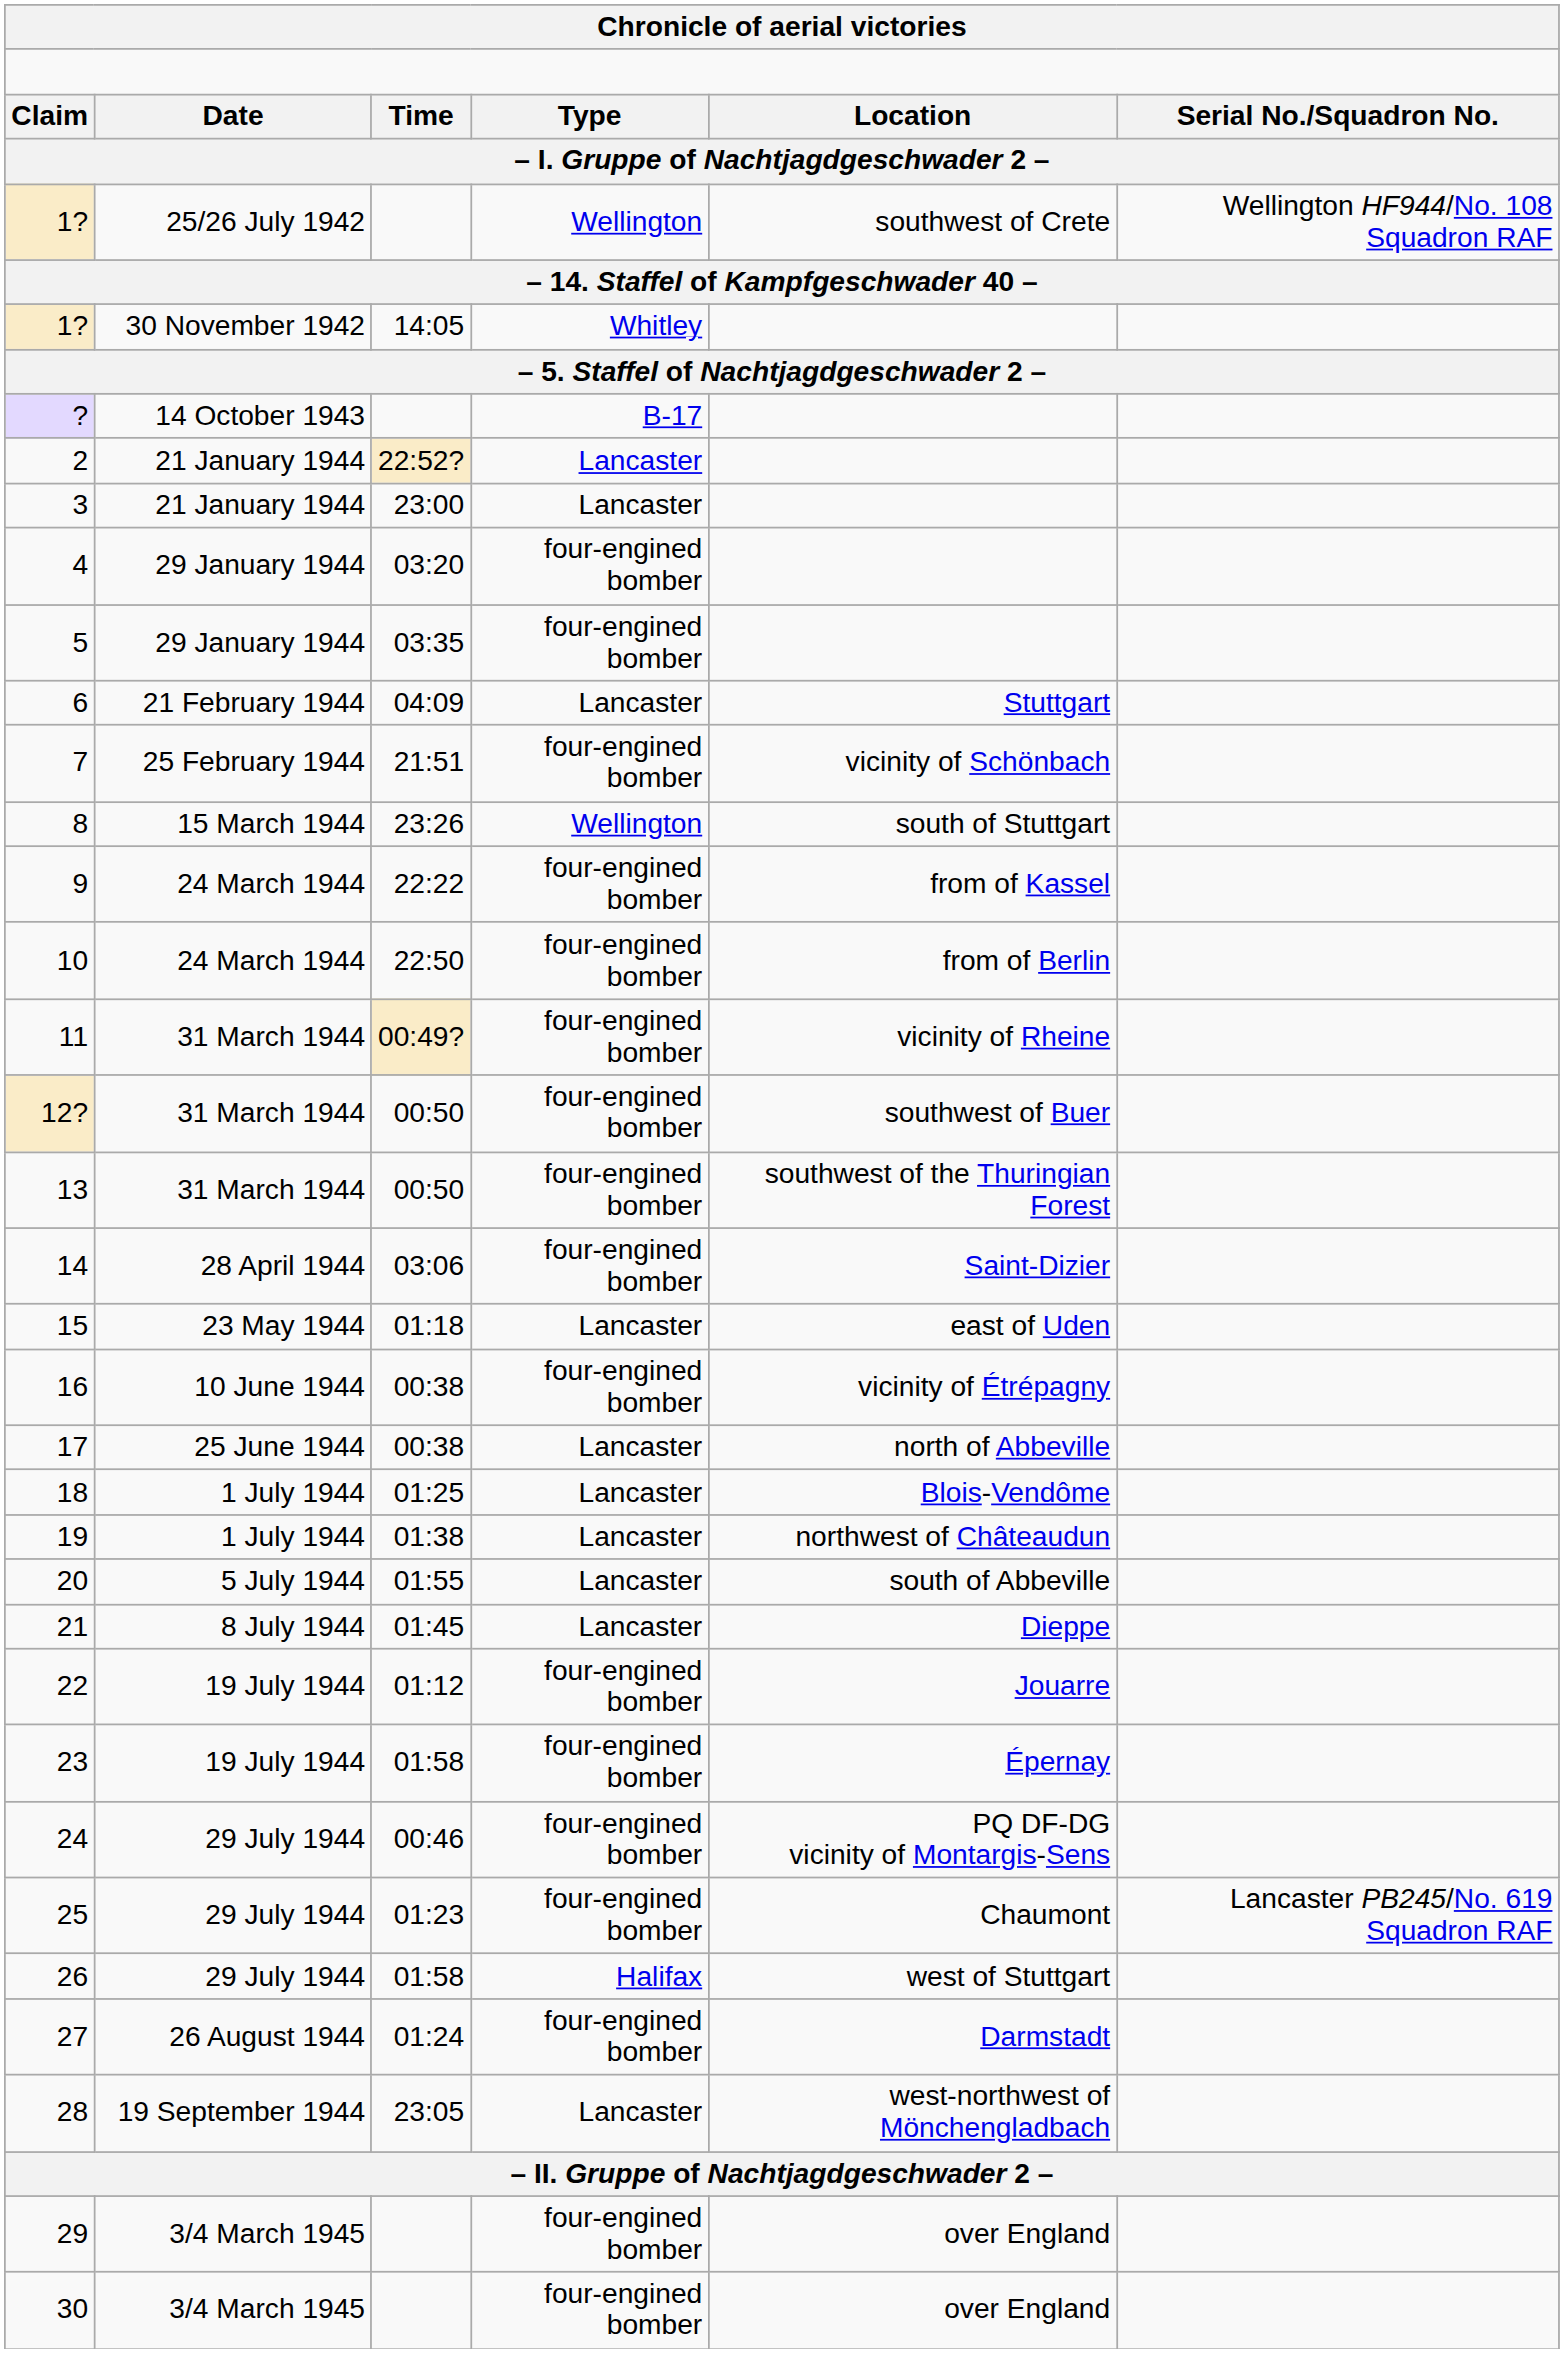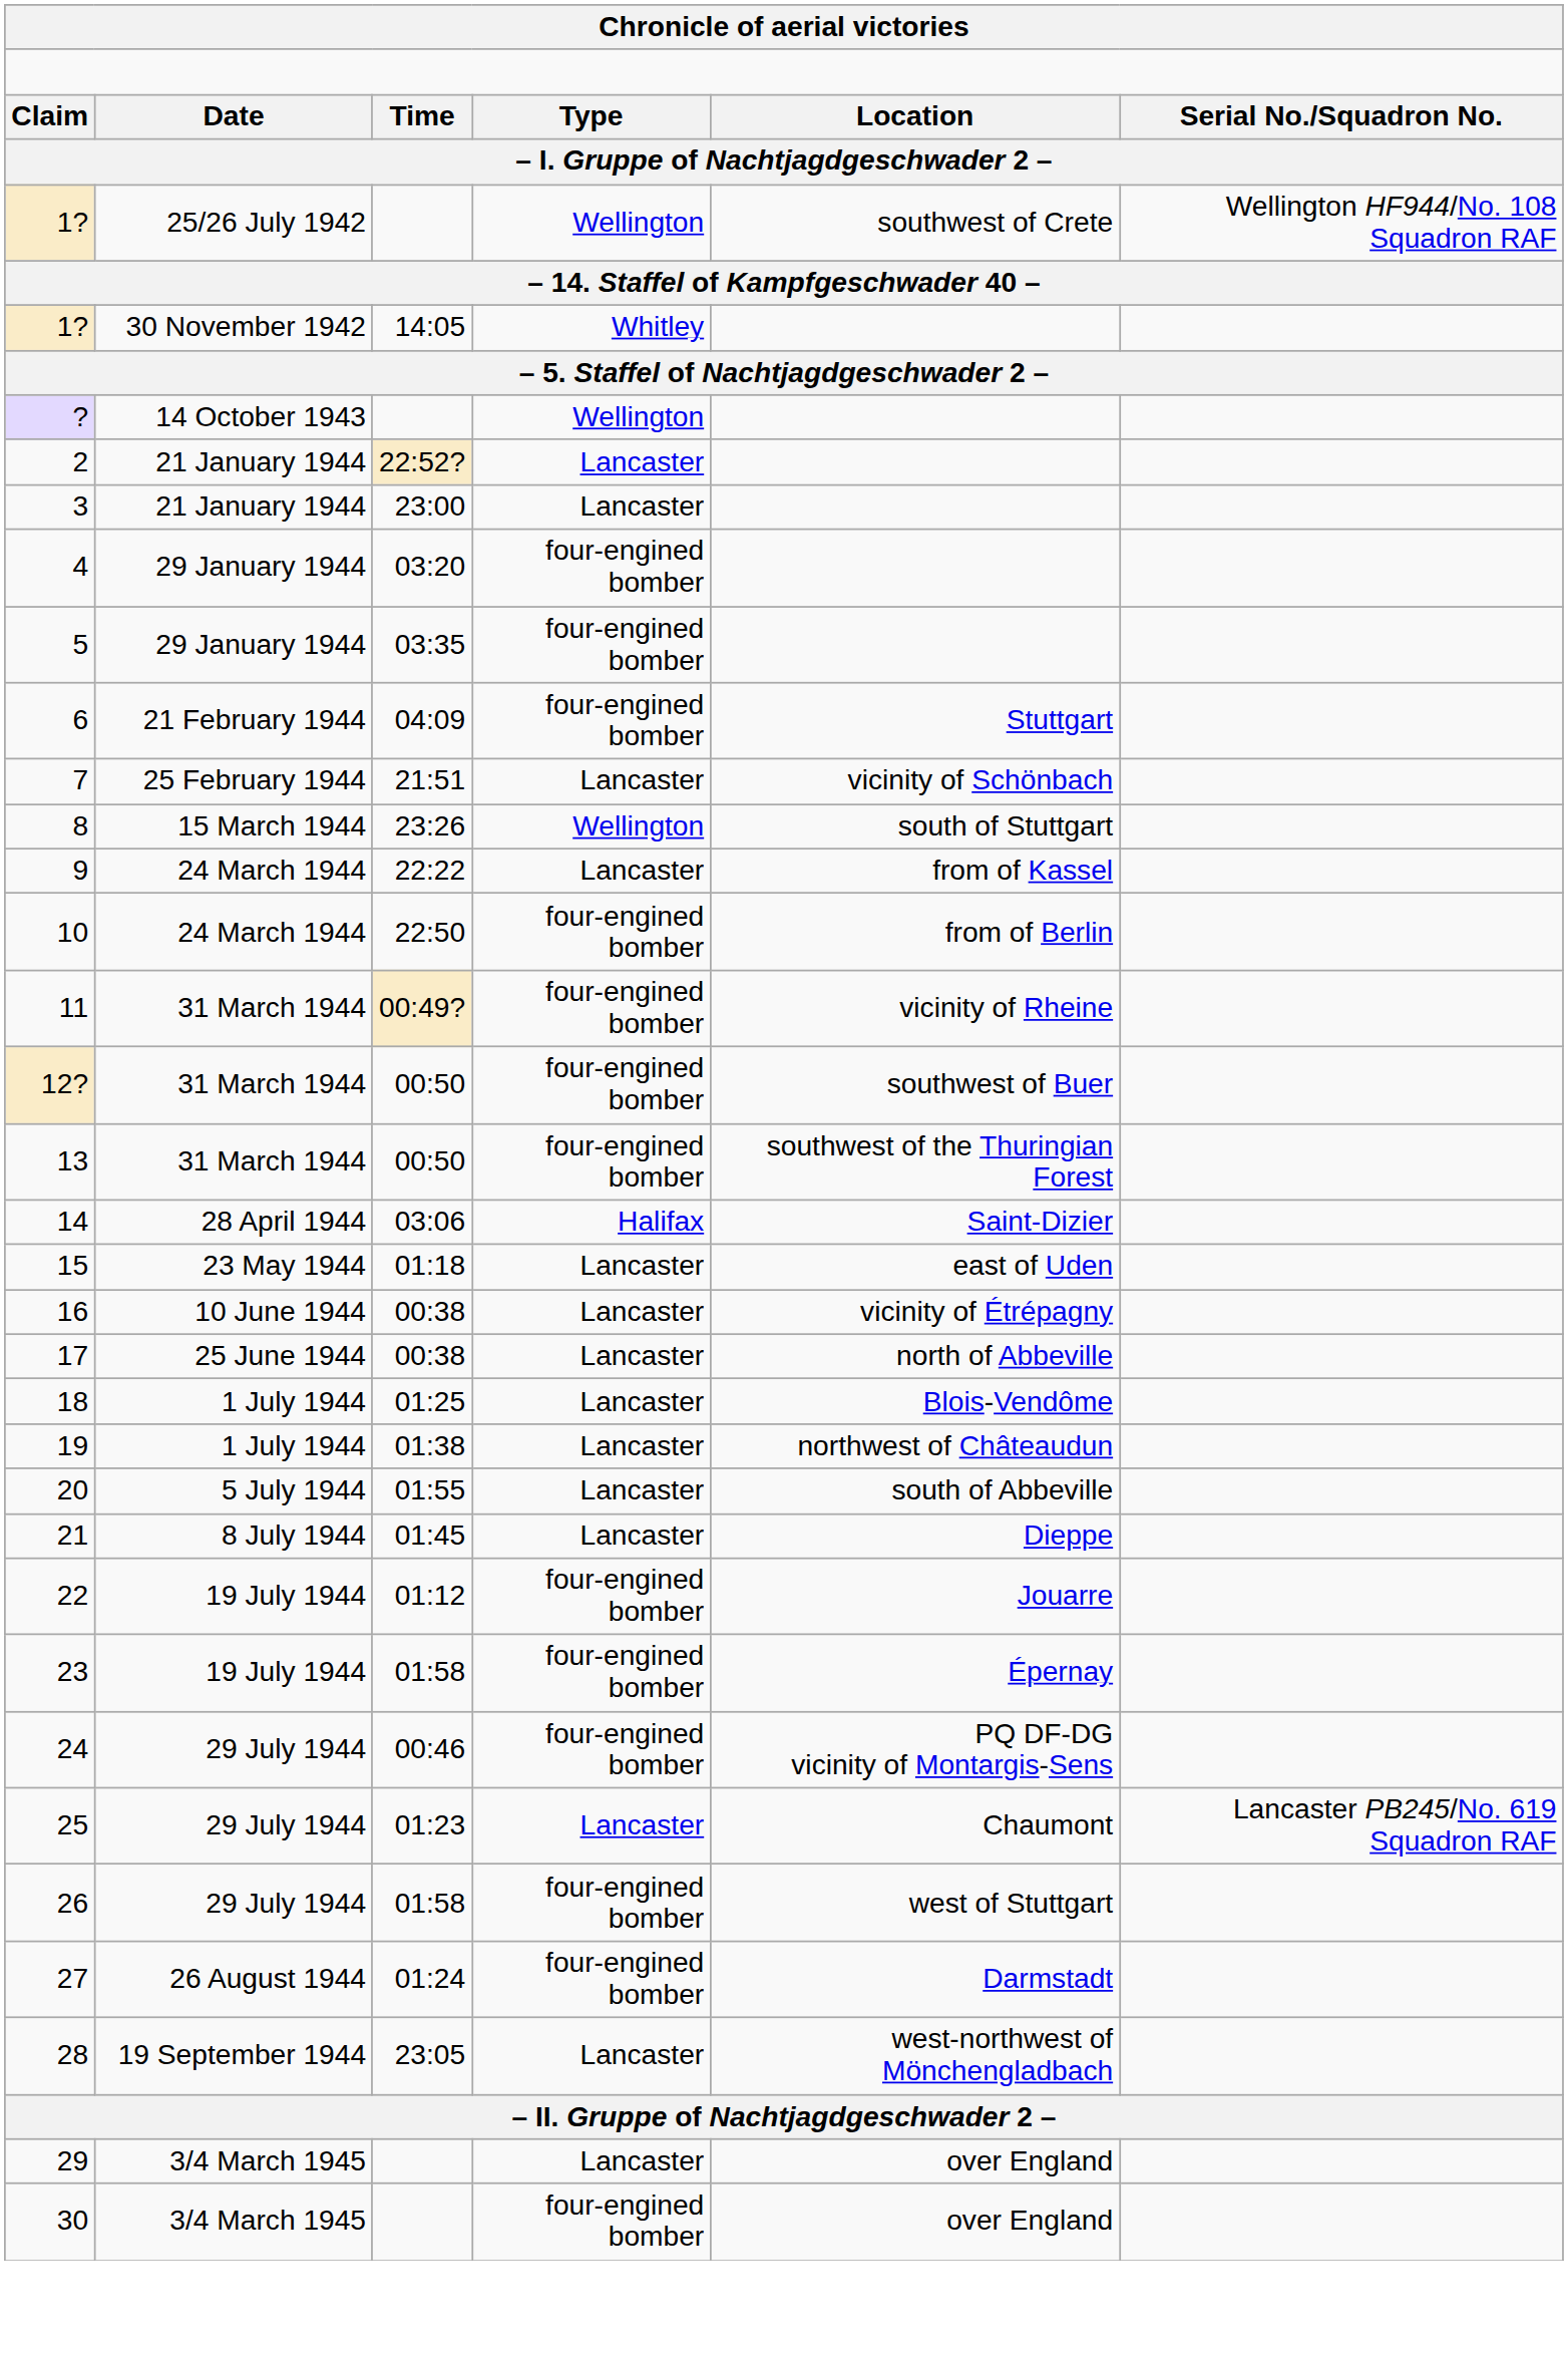 <table class="wikitable plainrowheaders collapsible" style="margin-left: auto; margin-right: auto; border: none; text-align:right; width: 100%;">
 <tr>
 <th colspan="6">Chronicle of aerial victories</th>
 </tr>
 <tr>
 <td colspan="6" style="text-align: left;"><br> </td>
 </tr>
 <tr>
 <th scope="col">Claim</th>
 <th scope="col" style="width:150px">Date</th>
 <th scope="col">Time</th>
 <th scope="col">Type</th>
 <th scope="col">Location</th>
 <th scope="col">Serial No./Squadron No.</th>
 </tr>
 <tr>
 <th colspan="6">– I. <em>Gruppe</em> of <em>Nachtjagdgeschwader</em> 2 –</th>
 </tr>
 <tr>
 <td style="background:#faecc8">1?</td>
 <td>25/26 July 1942</td>
 <td></td>
 <td><a href='#'>Wellington</a></td>
 <td>southwest of Crete</td>
 <td>Wellington <em>HF944</em>/<a href='#'>No. 108 Squadron RAF</a></td>
 </tr>
 <tr>
 <th colspan="6">– 14. <em>Staffel</em> of <em>Kampfgeschwader</em> 40 –</th>
 </tr>
 <tr>
 <td style="background:#faecc8">1?</td>
 <td>30 November 1942</td>
 <td>14:05</td>
 <td><a href='#'>Whitley</a></td>
 <td></td>
 <td></td>
 </tr>
 <tr>
 <th colspan="6">– 5. <em>Staffel</em> of <em>Nachtjagdgeschwader</em> 2 –</th>
 </tr>
 <tr>
 <td style="background:#e3d9ff;">?</td>
 <td>14 October 1943</td>
 <td></td>
-<td><a href='#'>B-17</a></td>
+<td><a href='#'>Wellington</a></td>
 <td></td>
 <td></td>
 </tr>
 <tr>
 <td>2</td>
 <td>21 January 1944</td>
 <td style="background:#faecc8">22:52?</td>
 <td><a href='#'>Lancaster</a></td>
 <td></td>
 <td></td>
 </tr>
 <tr>
 <td>3</td>
 <td>21 January 1944</td>
 <td>23:00</td>
 <td>Lancaster</td>
 <td></td>
 <td></td>
 </tr>
 <tr>
 <td>4</td>
 <td>29 January 1944</td>
 <td>03:20</td>
 <td>four-engined bomber</td>
 <td></td>
 <td></td>
 </tr>
 <tr>
 <td>5</td>
 <td>29 January 1944</td>
 <td>03:35</td>
 <td>four-engined bomber</td>
 <td></td>
 <td></td>
 </tr>
 <tr>
 <td>6</td>
 <td>21 February 1944</td>
 <td>04:09</td>
-<td>Lancaster</td>
+<td>four-engined bomber</td>
 <td><a href='#'>Stuttgart</a></td>
 <td></td>
 </tr>
 <tr>
 <td>7</td>
 <td>25 February 1944</td>
 <td>21:51</td>
-<td>four-engined bomber</td>
+<td>Lancaster</td>
 <td>vicinity of <a href='#'>Schönbach</a></td>
 <td></td>
 </tr>
 <tr>
 <td>8</td>
 <td>15 March 1944</td>
 <td>23:26</td>
 <td><a href='#'>Wellington</a></td>
 <td> south of Stuttgart</td>
 <td></td>
 </tr>
 <tr>
 <td>9</td>
 <td>24 March 1944</td>
 <td>22:22</td>
-<td>four-engined bomber</td>
+<td>Lancaster</td>
 <td> from of <a href='#'>Kassel</a></td>
 <td></td>
 </tr>
 <tr>
 <td>10</td>
 <td>24 March 1944</td>
 <td>22:50</td>
 <td>four-engined bomber</td>
 <td> from of <a href='#'>Berlin</a></td>
 <td></td>
 </tr>
 <tr>
 <td>11</td>
 <td>31 March 1944</td>
 <td style="background:#faecc8">00:49?</td>
 <td>four-engined bomber</td>
 <td>vicinity of <a href='#'>Rheine</a></td>
 <td></td>
 </tr>
 <tr>
 <td style="background:#faecc8">12?</td>
 <td>31 March 1944</td>
 <td>00:50</td>
 <td>four-engined bomber</td>
 <td>southwest of <a href='#'>Buer</a></td>
 <td></td>
 </tr>
 <tr>
 <td>13</td>
 <td>31 March 1944</td>
 <td>00:50</td>
 <td>four-engined bomber</td>
 <td>southwest of the <a href='#'>Thuringian Forest</a></td>
 <td></td>
 </tr>
 <tr>
 <td>14</td>
 <td>28 April 1944</td>
 <td>03:06</td>
-<td>four-engined bomber</td>
+<td><a href='#'>Halifax</a></td>
 <td><a href='#'>Saint-Dizier</a></td>
 <td></td>
 </tr>
 <tr>
 <td>15</td>
 <td>23 May 1944</td>
 <td>01:18</td>
 <td>Lancaster</td>
 <td>east of <a href='#'>Uden</a></td>
 <td></td>
 </tr>
 <tr>
 <td>16</td>
 <td>10 June 1944</td>
 <td>00:38</td>
-<td>four-engined bomber</td>
+<td>Lancaster</td>
 <td>vicinity of <a href='#'>Étrépagny</a></td>
 <td></td>
 </tr>
 <tr>
 <td>17</td>
 <td>25 June 1944</td>
 <td>00:38</td>
 <td>Lancaster</td>
 <td>north of <a href='#'>Abbeville</a></td>
 <td></td>
 </tr>
 <tr>
 <td>18</td>
 <td>1 July 1944</td>
 <td>01:25</td>
 <td>Lancaster</td>
 <td><a href='#'>Blois</a>-<a href='#'>Vendôme</a></td>
 <td></td>
 </tr>
 <tr>
 <td>19</td>
 <td>1 July 1944</td>
 <td>01:38</td>
 <td>Lancaster</td>
 <td> northwest of <a href='#'>Châteaudun</a></td>
 <td></td>
 </tr>
 <tr>
 <td>20</td>
 <td>5 July 1944</td>
 <td>01:55</td>
 <td>Lancaster</td>
 <td>south of Abbeville</td>
 <td></td>
 </tr>
 <tr>
 <td>21</td>
 <td>8 July 1944</td>
 <td>01:45</td>
 <td>Lancaster</td>
 <td><a href='#'>Dieppe</a></td>
 <td></td>
 </tr>
 <tr>
 <td>22</td>
 <td>19 July 1944</td>
 <td>01:12</td>
 <td>four-engined bomber</td>
 <td><a href='#'>Jouarre</a></td>
 <td></td>
 </tr>
 <tr>
 <td>23</td>
 <td>19 July 1944</td>
 <td>01:58</td>
 <td>four-engined bomber</td>
 <td><a href='#'>Épernay</a></td>
 <td></td>
 </tr>
 <tr>
 <td>24</td>
 <td>29 July 1944</td>
 <td>00:46</td>
 <td>four-engined bomber</td>
 <td>PQ DF-DG<br>vicinity of <a href='#'>Montargis</a>-<a href='#'>Sens</a></td>
 <td></td>
 </tr>
 <tr>
 <td>25</td>
 <td>29 July 1944</td>
 <td>01:23</td>
-<td>four-engined bomber</td>
+<td><a href='#'>Lancaster</a></td>
 <td>Chaumont</td>
 <td>Lancaster <em>PB245</em>/<a href='#'>No. 619 Squadron RAF</a></td>
 </tr>
 <tr>
 <td>26</td>
 <td>29 July 1944</td>
 <td>01:58</td>
-<td><a href='#'>Halifax</a></td>
+<td>four-engined bomber</td>
 <td> west of Stuttgart</td>
 <td></td>
 </tr>
 <tr>
 <td>27</td>
 <td>26 August 1944</td>
 <td>01:24</td>
 <td>four-engined bomber</td>
 <td><a href='#'>Darmstadt</a></td>
 <td></td>
 </tr>
 <tr>
 <td>28</td>
 <td>19 September 1944</td>
 <td>23:05</td>
 <td>Lancaster</td>
 <td>west-northwest of <a href='#'>Mönchengladbach</a></td>
 <td></td>
 </tr>
 <tr>
 <th colspan="6">– II. <em>Gruppe</em> of <em>Nachtjagdgeschwader</em> 2 –</th>
 </tr>
 <tr>
 <td>29</td>
 <td>3/4 March 1945</td>
 <td></td>
-<td>four-engined bomber</td>
+<td>Lancaster</td>
 <td>over England</td>
 <td></td>
 </tr>
 <tr>
 <td>30</td>
 <td>3/4 March 1945</td>
 <td></td>
 <td>four-engined bomber</td>
 <td>over England</td>
 <td></td>
 </tr>
 </table>
